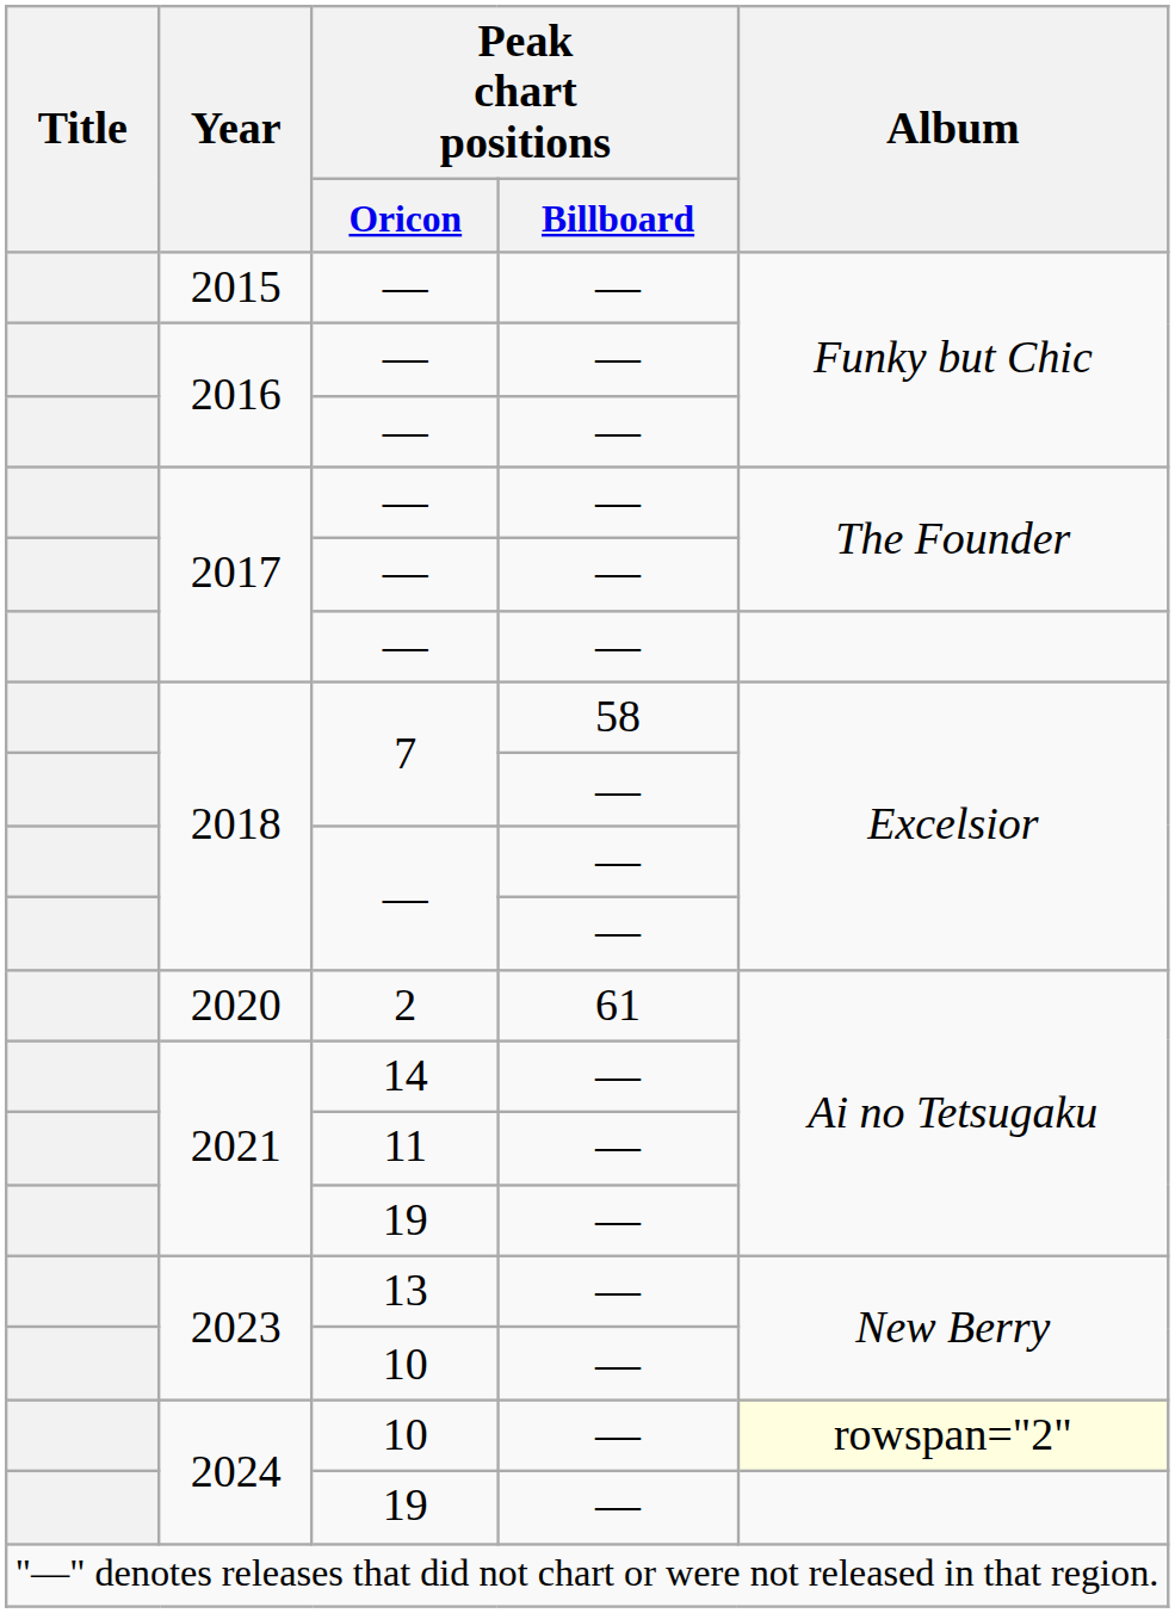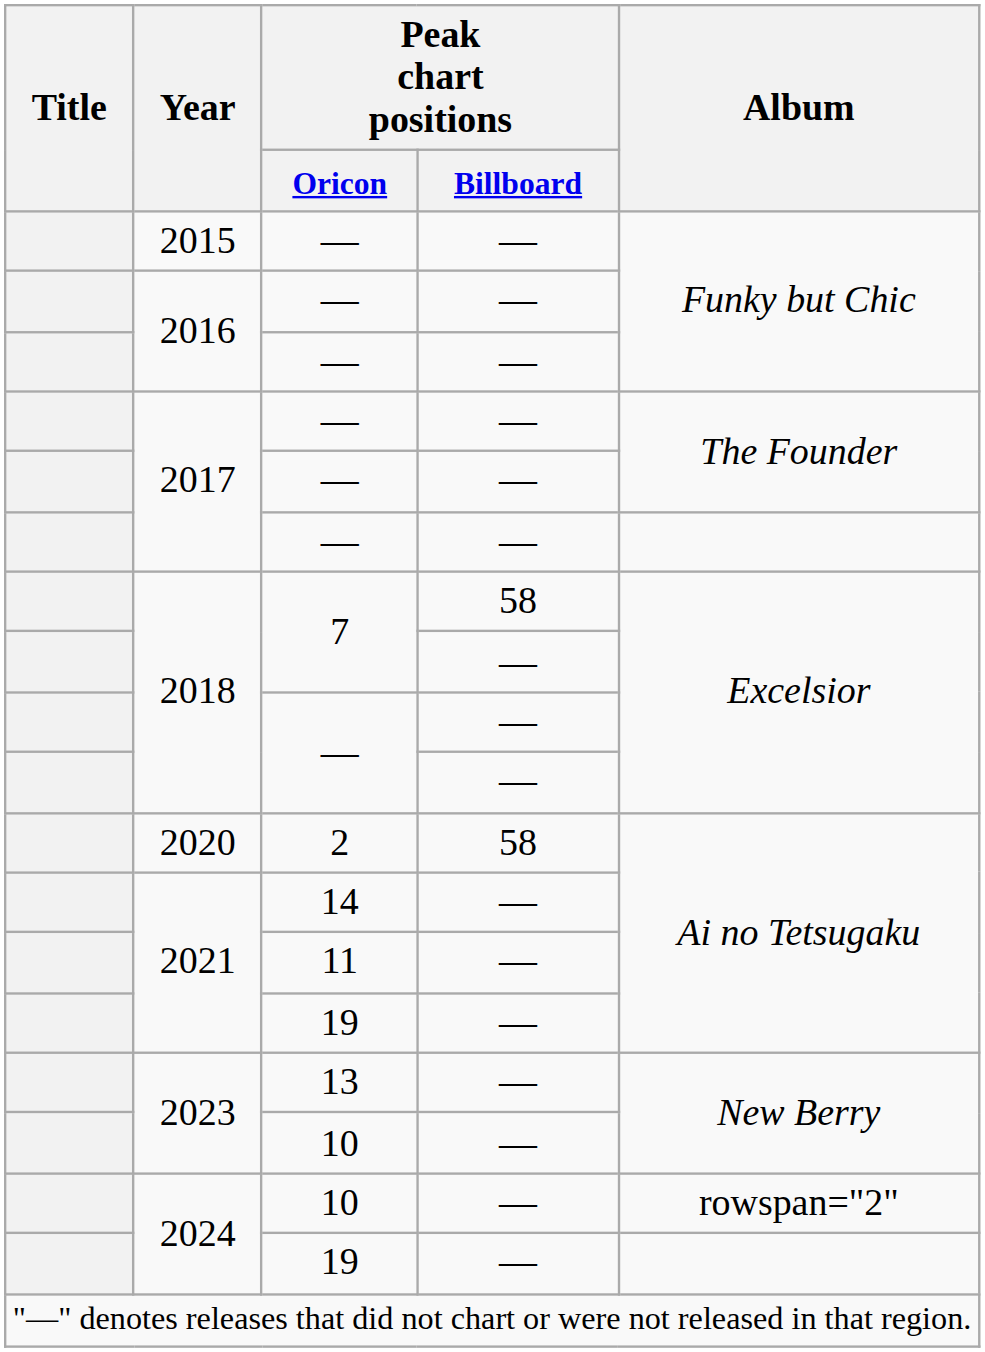 <table class="wikitable plainrowheaders" style="text-align:center;">
 <tr>
 <th scope="col" rowspan="2">Title</th>
 <th scope="col" rowspan="2">Year</th>
 <th scope="col" colspan="2">Peak <br> chart <br> positions</th>
 <th scope="col" rowspan="2">Album</th>
 </tr>
 <tr>
 <th scope="col" colspan="1"><small><a href='#'>Oricon</a></small></th>
 <th scope="col"><small><a href='#'>Billboard</a></small></th>
 </tr>
 <tr>
 <th scope="row"></th>
 <td>2015</td>
 <td>—</td>
 <td>—</td>
 <td rowspan="3"><em>Funky but Chic</em></td>
 </tr>
 <tr>
 <th scope="row"></th>
 <td rowspan="2">2016</td>
 <td>—</td>
 <td>—</td>
 </tr>
 <tr>
 <th scope="row"></th>
 <td>—</td>
 <td>—</td>
 </tr>
 <tr>
 <th scope="row"></th>
 <td rowspan="3">2017</td>
 <td>—</td>
 <td>—</td>
 <td rowspan="2"><em>The Founder</em></td>
 </tr>
 <tr>
 <th scope="row"></th>
 <td>—</td>
 <td>—</td>
 </tr>
 <tr>
 <th scope="row"></th>
 <td>—</td>
 <td>—</td>
 <td></td>
 </tr>
 <tr>
 <th scope="row"></th>
 <td rowspan="4">2018</td>
 <td rowspan="2">7</td>
 <td>58</td>
 <td rowspan="4"><em>Excelsior</em></td>
 </tr>
 <tr>
 <th scope="row"></th>
 <td>—</td>
 </tr>
 <tr>
 <th scope="row"></th>
 <td rowspan="2">—</td>
 <td>—</td>
 </tr>
 <tr>
 <th scope="row"></th>
 <td>—</td>
 </tr>
 <tr>
 <th scope="row"></th>
 <td>2020</td>
 <td>2</td>
-<td>61</td>
+<td>58</td>
 <td rowspan="4"><em>Ai no Tetsugaku</em></td>
 </tr>
 <tr>
 <th scope="row"></th>
 <td rowspan="3">2021</td>
 <td>14</td>
 <td>—</td>
 </tr>
 <tr>
 <th scope="row"></th>
 <td>11</td>
 <td>—</td>
 </tr>
 <tr>
 <th scope="row"></th>
 <td>19</td>
 <td>—</td>
 </tr>
 <tr>
 <th scope="row"></th>
 <td rowspan="2">2023</td>
 <td>13</td>
 <td>—</td>
 <td rowspan="2"><em>New Berry</em></td>
 </tr>
 <tr>
 <th scope="row"></th>
 <td>10</td>
 <td>—</td>
 </tr>
 <tr>
 <th scope="row"></th>
 <td rowspan="2">2024</td>
 <td>10</td>
 <td>—</td>
-<td style="background: lightyellow;">rowspan="2" </td>
+<td>rowspan="2" </td>
 </tr>
 <tr>
 <th scope="row"></th>
 <td>19</td>
 <td>—</td>
 </tr>
 <tr>
 <td colspan="5" style="font-size:85%">"—" denotes releases that did not chart or were not released in that region.</td>
 </tr>
 </table>
